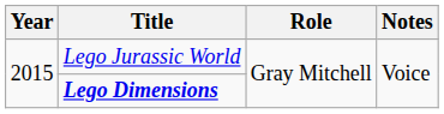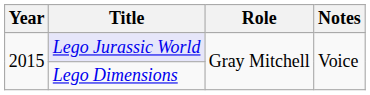 <table class="wikitable sortable">
 <tr>
 <th>Year</th>
 <th>Title</th>
 <th>Role</th>
 <th>Notes</th>
 </tr>
 <tr>
 <td rowspan="2">2015</td>
-<td><em><a href='#'>Lego Jurassic World</a></em></td>
+<td style="background: lavender;"><em><a href='#'>Lego Jurassic World</a></em></td>
 <td rowspan="2">Gray Mitchell</td>
 <td rowspan="2">Voice</td>
 </tr>
 <tr>
-<td><strong><em><a href='#'>Lego Dimensions</a></em></strong></td>
+<td><em><a href='#'>Lego Dimensions</a></em></td>
 </tr>
 </table>
